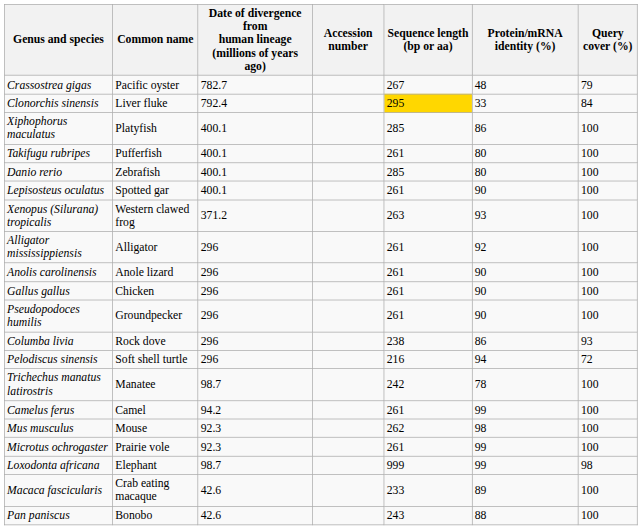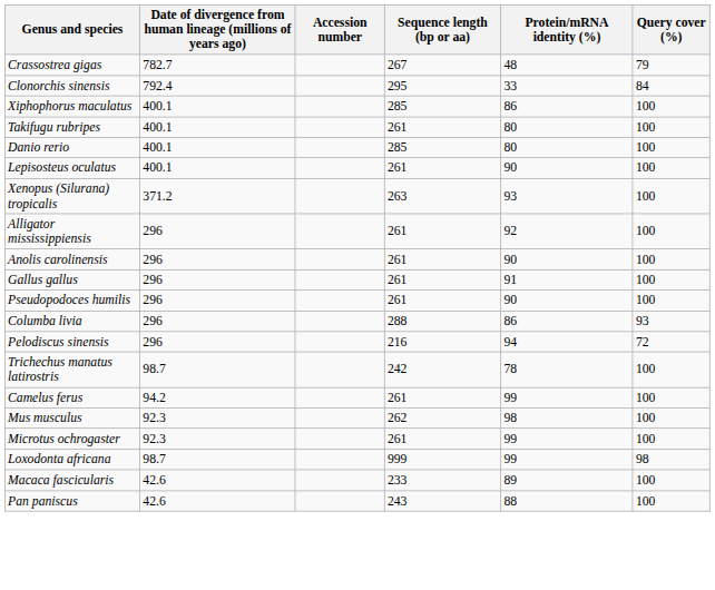 <table class="wikitable">
 <tr>
 <th>Genus and species</th>
-<th>Common name</th>
 <th>Date of divergence from<br>human lineage (millions of years ago)</th>
 <th>Accession number</th>
 <th>Sequence length (bp or aa)</th>
 <th>Protein/mRNA identity (%)</th>
 <th>Query cover (%)</th>
 </tr>
 <tr>
 <td><em>Crassostrea gigas</em></td>
-<td>Pacific oyster</td>
 <td>782.7</td>
 <td></td>
 <td>267</td>
 <td>48</td>
 <td>79</td>
 </tr>
 <tr>
 <td><em>Clonorchis sinensis</em></td>
-<td>Liver fluke</td>
 <td>792.4</td>
 <td></td>
-<td style="background: gold;">295</td>
+<td>295</td>
 <td>33</td>
 <td>84</td>
 </tr>
 <tr>
 <td><em>Xiphophorus maculatus</em></td>
-<td>Platyfish</td>
 <td>400.1</td>
 <td></td>
 <td>285</td>
 <td>86</td>
 <td>100</td>
 </tr>
 <tr>
 <td><em>Takifugu rubripes</em></td>
-<td>Pufferfish</td>
 <td>400.1</td>
 <td></td>
 <td>261</td>
 <td>80</td>
 <td>100</td>
 </tr>
 <tr>
 <td><em>Danio rerio</em></td>
-<td>Zebrafish</td>
 <td>400.1</td>
 <td></td>
 <td>285</td>
 <td>80</td>
 <td>100</td>
 </tr>
 <tr>
 <td><em>Lepisosteus oculatus</em></td>
-<td>Spotted gar</td>
 <td>400.1</td>
 <td></td>
 <td>261</td>
 <td>90</td>
 <td>100</td>
 </tr>
 <tr>
 <td><em>Xenopus (Silurana) tropicalis</em></td>
-<td>Western clawed frog</td>
 <td>371.2</td>
 <td></td>
 <td>263</td>
 <td>93</td>
 <td>100</td>
 </tr>
 <tr>
 <td><em>Alligator mississippiensis</em></td>
-<td>Alligator</td>
 <td>296</td>
 <td></td>
 <td>261</td>
 <td>92</td>
 <td>100</td>
 </tr>
 <tr>
 <td><em>Anolis carolinensis</em></td>
-<td>Anole lizard</td>
 <td>296</td>
 <td></td>
 <td>261</td>
 <td>90</td>
 <td>100</td>
 </tr>
 <tr>
 <td><em>Gallus gallus</em></td>
-<td>Chicken</td>
 <td>296</td>
 <td></td>
 <td>261</td>
-<td>90</td>
+<td>91</td>
 <td>100</td>
 </tr>
 <tr>
 <td><em>Pseudopodoces humilis</em></td>
-<td>Groundpecker</td>
 <td>296</td>
 <td></td>
 <td>261</td>
 <td>90</td>
 <td>100</td>
 </tr>
 <tr>
 <td><em>Columba livia</em></td>
-<td>Rock dove</td>
 <td>296</td>
 <td></td>
-<td>238</td>
+<td>288</td>
 <td>86</td>
 <td>93</td>
 </tr>
 <tr>
 <td><em>Pelodiscus sinensis</em></td>
-<td>Soft shell turtle</td>
 <td>296</td>
 <td></td>
 <td>216</td>
 <td>94</td>
 <td>72</td>
 </tr>
 <tr>
 <td><em>Trichechus manatus latirostris</em></td>
-<td>Manatee</td>
 <td>98.7</td>
 <td></td>
 <td>242</td>
 <td>78</td>
 <td>100</td>
 </tr>
 <tr>
 <td><em>Camelus ferus</em></td>
-<td>Camel</td>
 <td>94.2</td>
 <td></td>
 <td>261</td>
 <td>99</td>
 <td>100</td>
 </tr>
 <tr>
 <td><em>Mus musculus</em></td>
-<td>Mouse</td>
 <td>92.3</td>
 <td></td>
 <td>262</td>
 <td>98</td>
 <td>100</td>
 </tr>
 <tr>
 <td><em>Microtus ochrogaster</em></td>
-<td>Prairie vole</td>
 <td>92.3</td>
 <td></td>
 <td>261</td>
 <td>99</td>
 <td>100</td>
 </tr>
 <tr>
 <td><em>Loxodonta africana</em></td>
-<td>Elephant</td>
 <td>98.7</td>
 <td></td>
 <td>999</td>
 <td>99</td>
 <td>98</td>
 </tr>
 <tr>
 <td><em>Macaca fascicularis</em></td>
-<td>Crab eating macaque</td>
 <td>42.6</td>
 <td></td>
 <td>233</td>
 <td>89</td>
 <td>100</td>
 </tr>
 <tr>
 <td><em>Pan paniscus</em></td>
-<td>Bonobo</td>
 <td>42.6</td>
 <td></td>
 <td>243</td>
 <td>88</td>
 <td>100</td>
 </tr>
 </table>
